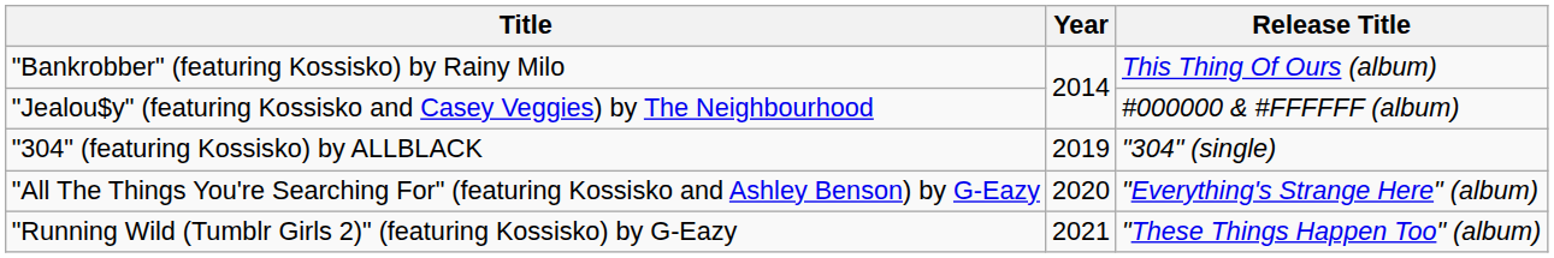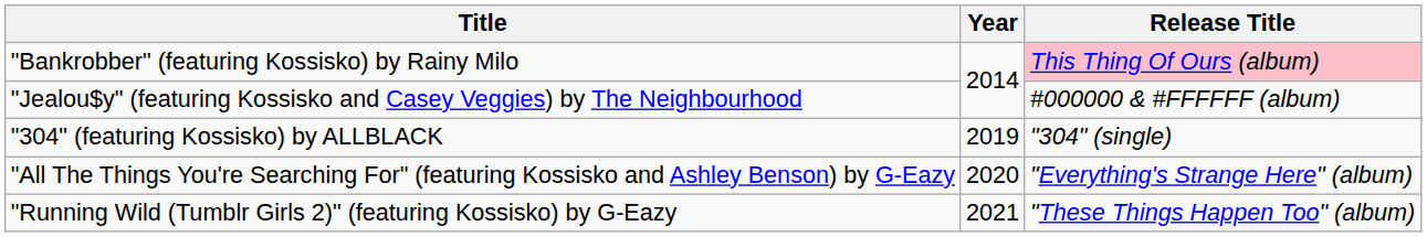 <table class="wikitable">
 <tr>
 <th>Title</th>
 <th>Year</th>
 <th>Release Title</th>
 </tr>
 <tr>
 <td>"Bankrobber" (featuring Kossisko) by Rainy Milo</td>
 <td rowspan="2">2014</td>
-<td><em><a href='#'>This Thing Of Ours</a> (album)</em></td>
+<td style="background: pink;"><em><a href='#'>This Thing Of Ours</a> (album)</em></td>
 </tr>
 <tr>
 <td>"Jealou$y" (featuring Kossisko and <a href='#'>Casey Veggies</a>) by <a href='#'>The Neighbourhood</a></td>
 <td><em>#000000 & #FFFFFF (album)</em></td>
 </tr>
 <tr>
 <td>"304" (featuring Kossisko) by ALLBLACK</td>
 <td>2019</td>
 <td><em>"304" (single)</em></td>
 </tr>
 <tr>
 <td>"All The Things You're Searching For" (featuring Kossisko and <a href='#'>Ashley Benson</a>) by <a href='#'>G-Eazy</a></td>
 <td>2020</td>
 <td><em>"<a href='#'>Everything's Strange Here</a>" (album)</em></td>
 </tr>
 <tr>
 <td>"Running Wild (Tumblr Girls 2)" (featuring Kossisko) by G-Eazy</td>
 <td>2021</td>
 <td><em>"<a href='#'>These Things Happen Too</a>" (album)</em></td>
 </tr>
 </table>
